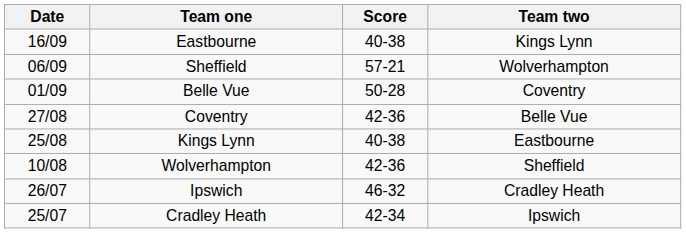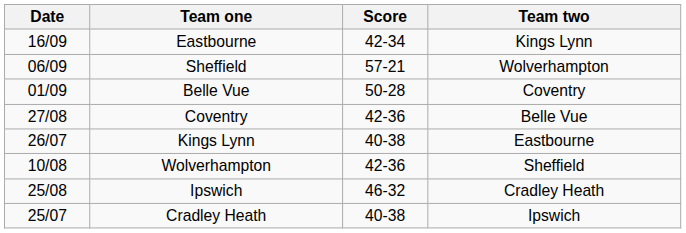 <table class="wikitable" style="text-align: center">
 <tr>
 <th width=80>Date</th>
 <th width=250>Team one</th>
 <th width=80>Score</th>
 <th width=250>Team two</th>
 </tr>
 <tr>
 <td>16/09</td>
 <td>Eastbourne</td>
-<td>40-38</td>
+<td>42-34</td>
 <td>Kings Lynn</td>
 </tr>
 <tr>
 <td>06/09</td>
 <td>Sheffield</td>
 <td>57-21</td>
 <td>Wolverhampton</td>
 </tr>
 <tr>
 <td>01/09</td>
 <td>Belle Vue</td>
 <td>50-28</td>
 <td>Coventry</td>
 </tr>
 <tr>
 <td>27/08</td>
 <td>Coventry</td>
 <td>42-36</td>
 <td>Belle Vue</td>
 </tr>
 <tr>
-<td>25/08</td>
+<td>26/07</td>
 <td>Kings Lynn</td>
 <td>40-38</td>
 <td>Eastbourne</td>
 </tr>
 <tr>
 <td>10/08</td>
 <td>Wolverhampton</td>
 <td>42-36</td>
 <td>Sheffield</td>
 </tr>
 <tr _>
-<td>26/07</td>
+<td>25/08</td>
 <td>Ipswich</td>
 <td>46-32</td>
 <td>Cradley Heath</td>
 </tr>
 <tr>
 <td>25/07</td>
 <td>Cradley Heath</td>
-<td>42-34</td>
+<td>40-38</td>
 <td>Ipswich</td>
 </tr>
 </table>
